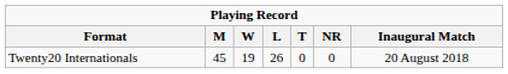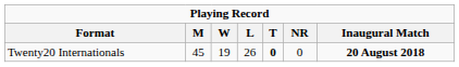 <table class="wikitable" style="text-align: center; width: 600px;">
 <tr>
 <td colspan=7 align="center"><strong>Playing Record</strong></td>
 </tr>
 <tr>
 <th>Format</th>
 <th>M</th>
 <th>W</th>
 <th>L</th>
 <th>T</th>
 <th>NR</th>
 <th>Inaugural Match</th>
 </tr>
 <tr>
 <td align="left">Twenty20 Internationals</td>
 <td>45</td>
 <td>19</td>
 <td>26</td>
+<td><strong>0</strong></td>
 <td>0</td>
-<td>0</td>
-<td>20 August 2018</td>
+<td><strong>20 August 2018</strong></td>
 </tr>
 </table>
